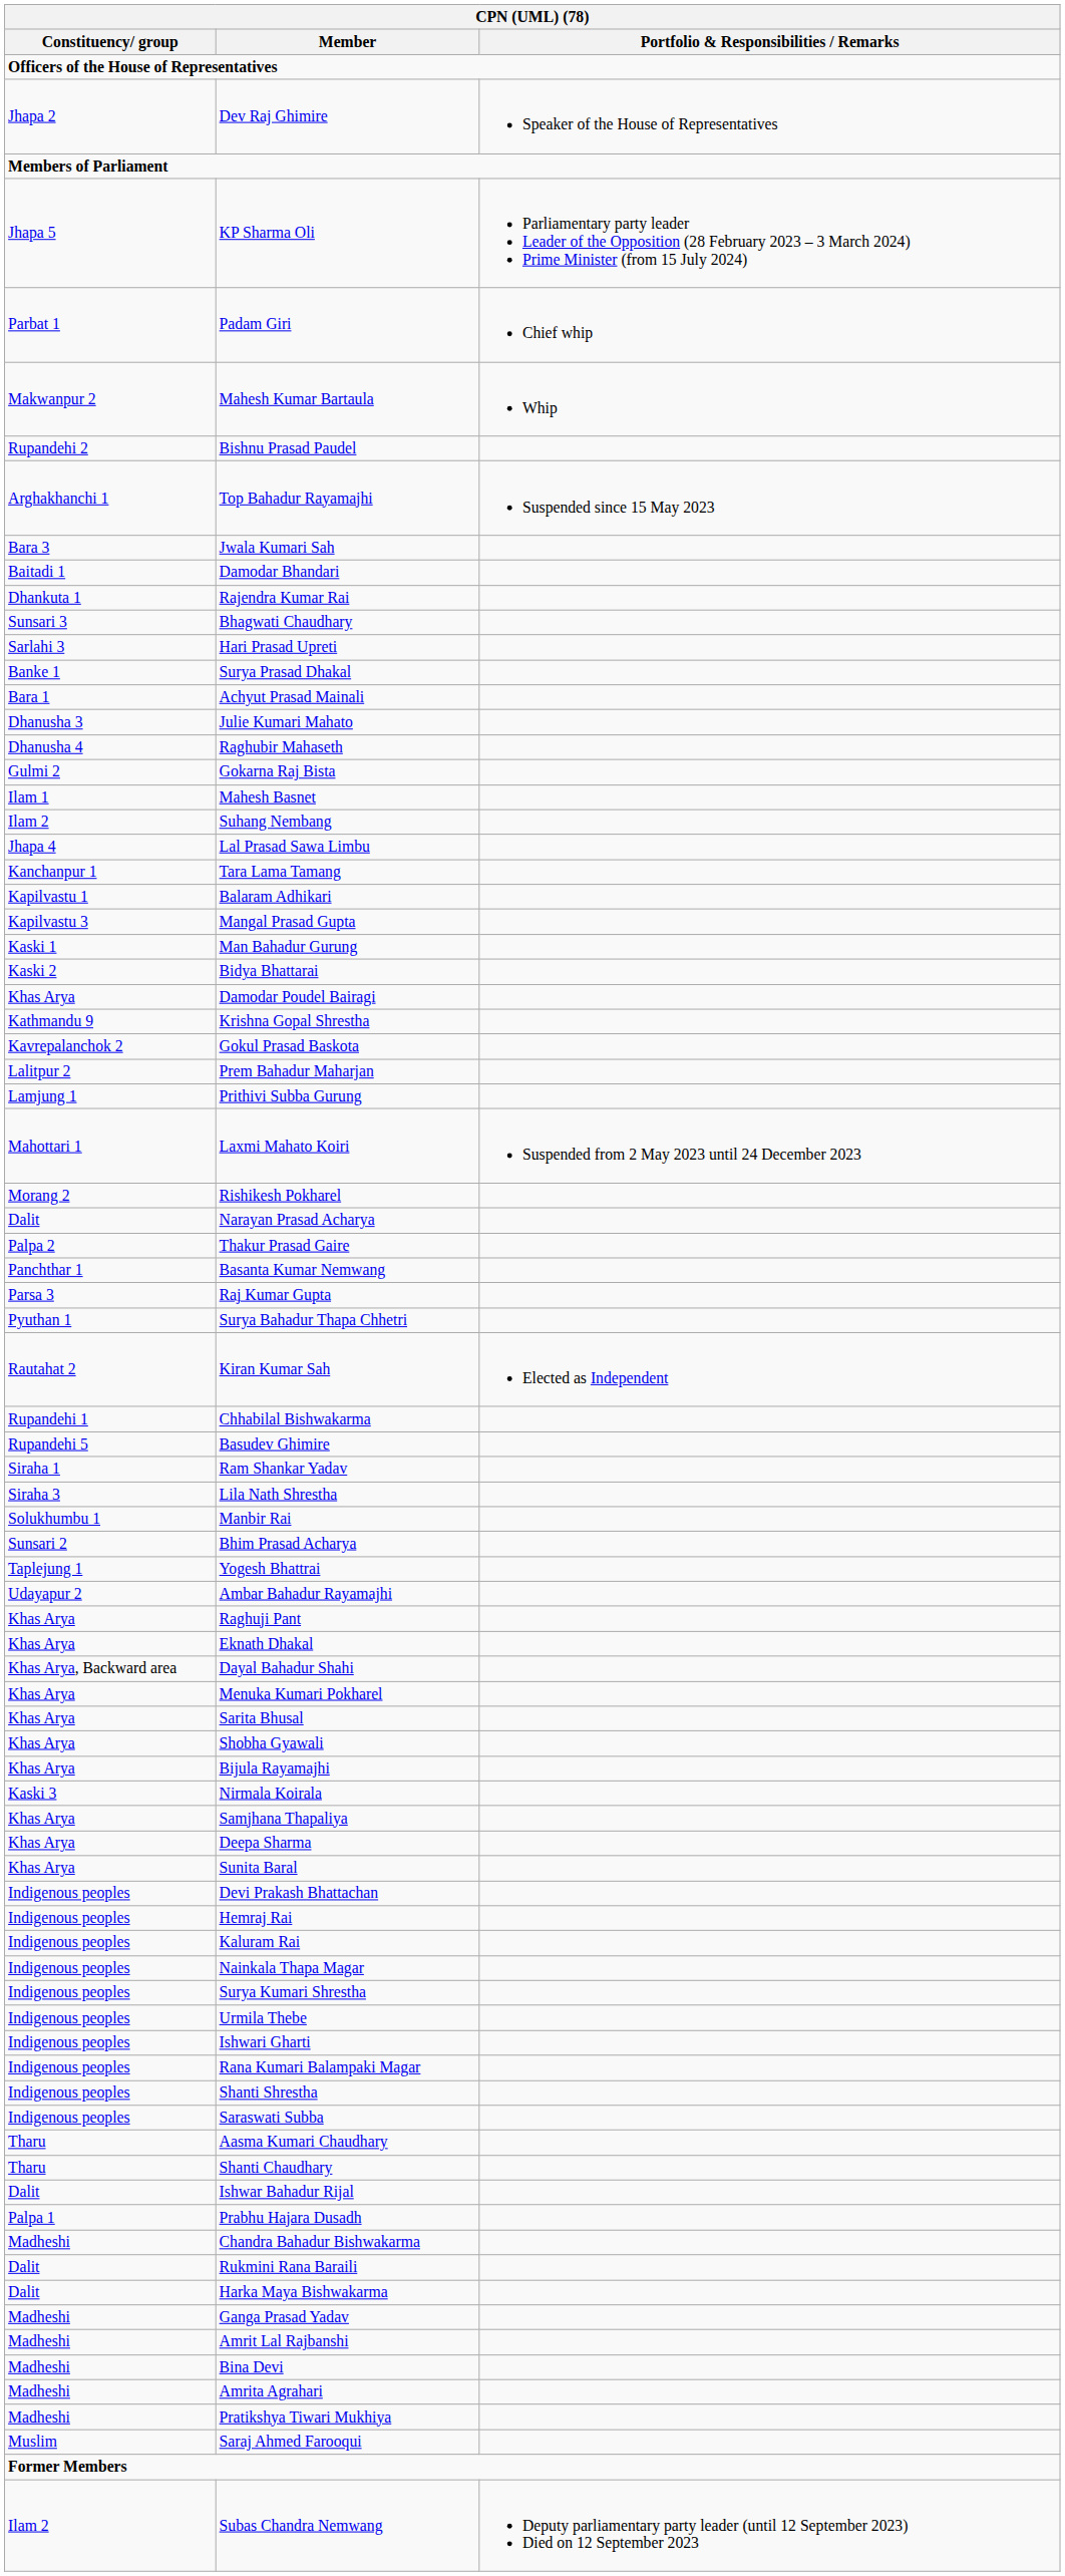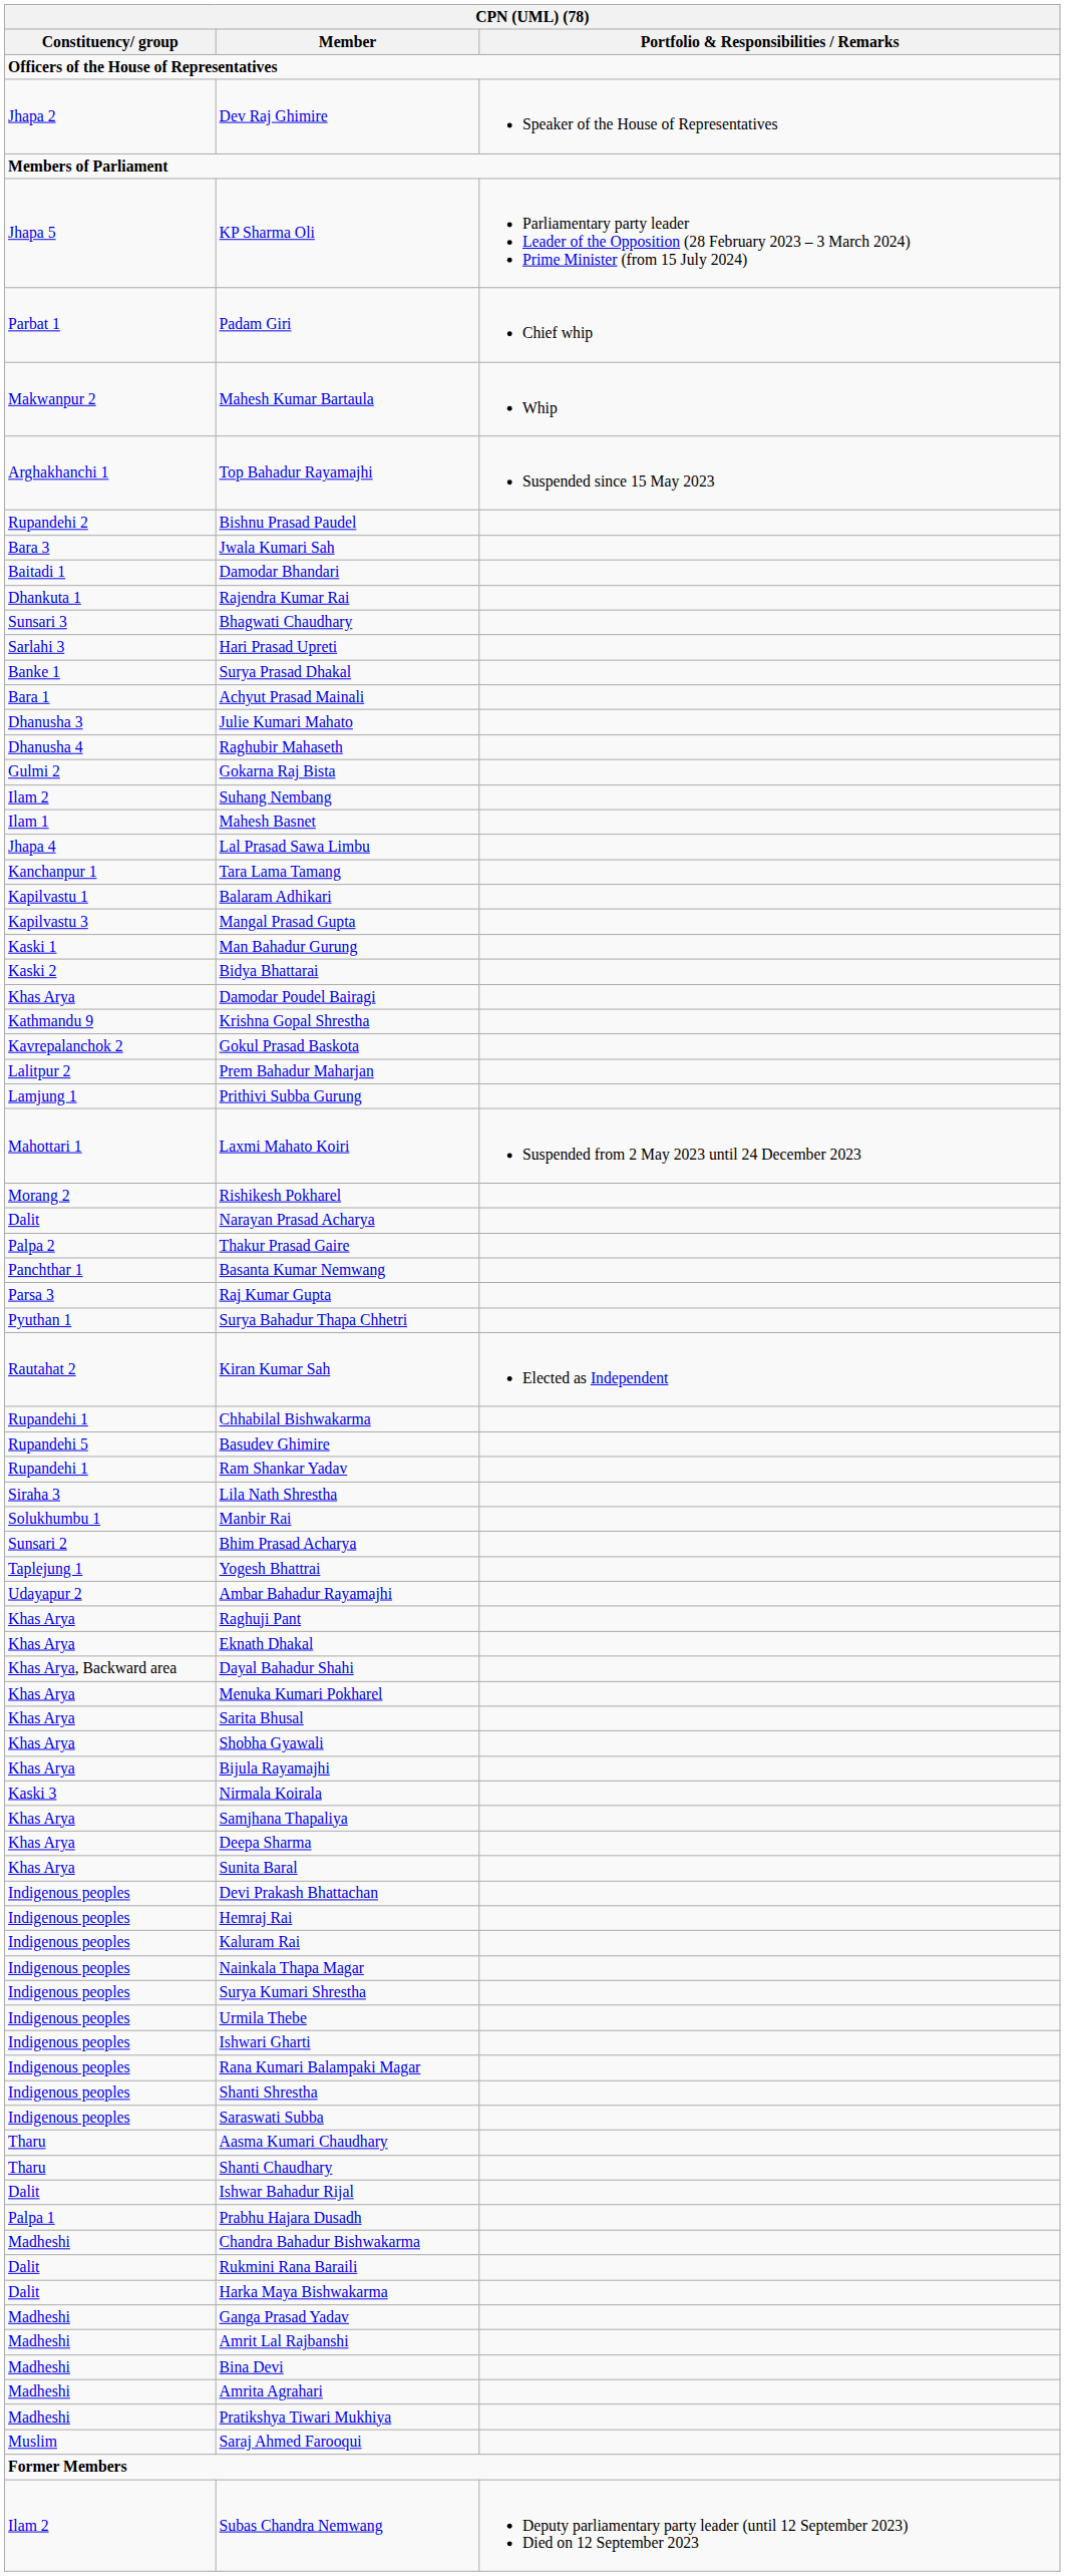 <table class="wikitable sortable mw-collapsible mw-collapsed">
 <tr>
 <th colspan="3" style="width: 800pt; background:">CPN (UML) (78)</th>
 </tr>
 <tr>
 <th style="width:20%;">Constituency/ group</th>
 <th style="width:25%;">Member</th>
 <th>Portfolio & Responsibilities / Remarks</th>
 </tr>
 <tr>
 <td colspan="3"><strong>Officers of the House of Representatives</strong></td>
 </tr>
 <tr>
 <td><a href='#'>Jhapa 2</a></td>
 <td><a href='#'>Dev Raj Ghimire</a></td>
 <td><br><ul><li>Speaker of the House of Representatives</li></ul></td>
 </tr>
 <tr>
 <td colspan="3"><strong>Members of Parliament</strong></td>
 </tr>
 <tr>
 <td><a href='#'>Jhapa 5</a></td>
 <td><a href='#'>KP Sharma Oli</a></td>
 <td><br><ul><li>Parliamentary party leader</li><li><a href='#'>Leader of the Opposition</a> (28 February 2023 – 3 March 2024)</li><li><a href='#'>Prime Minister</a> (from 15 July 2024)</li></ul></td>
 </tr>
 <tr>
 <td><a href='#'>Parbat 1</a></td>
 <td><a href='#'>Padam Giri</a></td>
 <td><br><ul><li>Chief whip</li></ul></td>
 </tr>
 <tr>
 <td><a href='#'>Makwanpur 2</a></td>
 <td><a href='#'>Mahesh Kumar Bartaula</a></td>
 <td><br><ul><li>Whip</li></ul></td>
 </tr>
 <tr>
+<td><a href='#'>Arghakhanchi 1</a></td>
+<td><a href='#'>Top Bahadur Rayamajhi</a></td>
+<td><br><ul><li>Suspended since 15 May 2023</li></ul></td>
+</tr>
+<tr>
 <td><a href='#'>Rupandehi 2</a></td>
 <td><a href='#'>Bishnu Prasad Paudel</a></td>
 <td></td>
-</tr>
-<tr>
-<td><a href='#'>Arghakhanchi 1</a></td>
-<td><a href='#'>Top Bahadur Rayamajhi</a></td>
-<td><br><ul><li>Suspended since 15 May 2023</li></ul></td>
 </tr>
 <tr>
 <td><a href='#'>Bara 3</a></td>
 <td><a href='#'>Jwala Kumari Sah</a></td>
 <td></td>
 </tr>
 <tr>
 <td><a href='#'>Baitadi 1</a></td>
 <td><a href='#'>Damodar Bhandari</a></td>
 <td></td>
 </tr>
 <tr>
 <td><a href='#'>Dhankuta 1</a></td>
 <td><a href='#'>Rajendra Kumar Rai</a></td>
 <td></td>
 </tr>
 <tr>
 <td><a href='#'>Sunsari 3</a></td>
 <td><a href='#'>Bhagwati Chaudhary</a></td>
 <td></td>
 </tr>
 <tr>
 <td><a href='#'>Sarlahi 3</a></td>
 <td><a href='#'>Hari Prasad Upreti</a></td>
 <td></td>
 </tr>
 <tr>
 <td><a href='#'>Banke 1</a></td>
 <td><a href='#'>Surya Prasad Dhakal</a></td>
 <td></td>
 </tr>
 <tr>
 <td><a href='#'>Bara 1</a></td>
 <td><a href='#'>Achyut Prasad Mainali</a></td>
 <td></td>
 </tr>
 <tr>
 <td><a href='#'>Dhanusha 3</a></td>
 <td><a href='#'>Julie Kumari Mahato</a></td>
 <td></td>
 </tr>
 <tr>
 <td><a href='#'>Dhanusha 4</a></td>
 <td><a href='#'>Raghubir Mahaseth</a></td>
 <td></td>
 </tr>
 <tr>
 <td><a href='#'>Gulmi 2</a></td>
 <td><a href='#'>Gokarna Raj Bista</a></td>
 <td></td>
 </tr>
 <tr>
-<td><a href='#'>Ilam 1</a></td>
-<td><a href='#'>Mahesh Basnet</a></td>
+<td><a href='#'>Ilam 2</a></td>
+<td><a href='#'>Suhang Nembang</a></td>
 <td></td>
 </tr>
 <tr>
-<td><a href='#'>Ilam 2</a></td>
-<td><a href='#'>Suhang Nembang</a></td>
+<td><a href='#'>Ilam 1</a></td>
+<td><a href='#'>Mahesh Basnet</a></td>
 <td></td>
 </tr>
 <tr>
 <td><a href='#'>Jhapa 4</a></td>
 <td><a href='#'>Lal Prasad Sawa Limbu</a></td>
 <td></td>
 </tr>
 <tr>
 <td><a href='#'>Kanchanpur 1</a></td>
 <td><a href='#'>Tara Lama Tamang</a></td>
 <td></td>
 </tr>
 <tr>
 <td><a href='#'>Kapilvastu 1</a></td>
 <td><a href='#'>Balaram Adhikari</a></td>
 <td></td>
 </tr>
 <tr>
 <td><a href='#'>Kapilvastu 3</a></td>
 <td><a href='#'>Mangal Prasad Gupta</a></td>
 <td></td>
 </tr>
 <tr>
 <td><a href='#'>Kaski 1</a></td>
 <td><a href='#'>Man Bahadur Gurung</a></td>
 <td></td>
 </tr>
 <tr>
 <td><a href='#'>Kaski 2</a></td>
 <td><a href='#'>Bidya Bhattarai</a></td>
 <td></td>
 </tr>
 <tr>
 <td><a href='#'>Khas Arya</a></td>
 <td><a href='#'>Damodar Poudel Bairagi</a></td>
 <td></td>
 </tr>
 <tr>
 <td><a href='#'>Kathmandu 9</a></td>
 <td><a href='#'>Krishna Gopal Shrestha</a></td>
 <td></td>
 </tr>
 <tr>
 <td><a href='#'>Kavrepalanchok 2</a></td>
 <td><a href='#'>Gokul Prasad Baskota</a></td>
 <td></td>
 </tr>
 <tr>
 <td><a href='#'>Lalitpur 2</a></td>
 <td><a href='#'>Prem Bahadur Maharjan</a></td>
 <td></td>
 </tr>
 <tr>
 <td><a href='#'>Lamjung 1</a></td>
 <td><a href='#'>Prithivi Subba Gurung</a></td>
 <td></td>
 </tr>
 <tr>
 <td><a href='#'>Mahottari 1</a></td>
 <td><a href='#'>Laxmi Mahato Koiri</a></td>
 <td><br><ul><li>Suspended from 2 May 2023 until 24 December 2023</li></ul></td>
 </tr>
 <tr>
 <td><a href='#'>Morang 2</a></td>
 <td><a href='#'>Rishikesh Pokharel</a></td>
 <td></td>
 </tr>
 <tr>
 <td><a href='#'>Dalit</a></td>
 <td><a href='#'>Narayan Prasad Acharya</a></td>
 <td></td>
 </tr>
 <tr>
 <td><a href='#'>Palpa 2</a></td>
 <td><a href='#'>Thakur Prasad Gaire</a></td>
 <td></td>
 </tr>
 <tr>
 <td><a href='#'>Panchthar 1</a></td>
 <td><a href='#'>Basanta Kumar Nemwang</a></td>
 <td></td>
 </tr>
 <tr>
 <td><a href='#'>Parsa 3</a></td>
 <td><a href='#'>Raj Kumar Gupta</a></td>
 <td></td>
 </tr>
 <tr>
 <td><a href='#'>Pyuthan 1</a></td>
 <td><a href='#'>Surya Bahadur Thapa Chhetri</a></td>
 <td></td>
 </tr>
 <tr>
 <td><a href='#'>Rautahat 2</a></td>
 <td><a href='#'>Kiran Kumar Sah</a></td>
 <td><br><ul><li>Elected as <a href='#'>Independent</a></li></ul></td>
 </tr>
 <tr>
 <td><a href='#'>Rupandehi 1</a></td>
 <td><a href='#'>Chhabilal Bishwakarma</a></td>
 <td></td>
 </tr>
 <tr>
 <td><a href='#'>Rupandehi 5</a></td>
 <td><a href='#'>Basudev Ghimire</a></td>
 <td></td>
 </tr>
 <tr>
-<td><a href='#'>Siraha 1</a></td>
+<td><a href='#'>Rupandehi 1</a></td>
 <td><a href='#'>Ram Shankar Yadav</a></td>
 <td></td>
 </tr>
 <tr>
 <td><a href='#'>Siraha 3</a></td>
 <td><a href='#'>Lila Nath Shrestha</a></td>
 <td></td>
 </tr>
 <tr>
 <td><a href='#'>Solukhumbu 1</a></td>
 <td><a href='#'>Manbir Rai</a></td>
 <td></td>
 </tr>
 <tr>
 <td><a href='#'>Sunsari 2</a></td>
 <td><a href='#'>Bhim Prasad Acharya</a></td>
 <td></td>
 </tr>
 <tr>
 <td><a href='#'>Taplejung 1</a></td>
 <td><a href='#'>Yogesh Bhattrai</a></td>
 <td></td>
 </tr>
 <tr>
 <td><a href='#'>Udayapur 2</a></td>
 <td><a href='#'>Ambar Bahadur Rayamajhi</a></td>
 <td></td>
 </tr>
 <tr>
 <td><a href='#'>Khas Arya</a></td>
 <td><a href='#'>Raghuji Pant</a></td>
 <td></td>
 </tr>
 <tr>
 <td><a href='#'>Khas Arya</a></td>
 <td><a href='#'>Eknath Dhakal</a></td>
 <td></td>
 </tr>
 <tr>
 <td><a href='#'>Khas Arya</a>, Backward area</td>
 <td><a href='#'>Dayal Bahadur Shahi</a></td>
 <td></td>
 </tr>
 <tr>
 <td><a href='#'>Khas Arya</a></td>
 <td><a href='#'>Menuka Kumari Pokharel</a></td>
 <td></td>
 </tr>
 <tr>
 <td><a href='#'>Khas Arya</a></td>
 <td><a href='#'>Sarita Bhusal</a></td>
 <td></td>
 </tr>
 <tr>
 <td><a href='#'>Khas Arya</a></td>
 <td><a href='#'>Shobha Gyawali</a></td>
 <td></td>
 </tr>
 <tr>
 <td><a href='#'>Khas Arya</a></td>
 <td><a href='#'>Bijula Rayamajhi</a></td>
 <td></td>
 </tr>
 <tr>
 <td><a href='#'>Kaski 3</a></td>
 <td><a href='#'>Nirmala Koirala</a></td>
 <td></td>
 </tr>
 <tr>
 <td><a href='#'>Khas Arya</a></td>
 <td><a href='#'>Samjhana Thapaliya</a></td>
 <td></td>
 </tr>
 <tr>
 <td><a href='#'>Khas Arya</a></td>
 <td><a href='#'>Deepa Sharma</a></td>
 <td></td>
 </tr>
 <tr>
 <td><a href='#'>Khas Arya</a></td>
 <td><a href='#'>Sunita Baral</a></td>
 <td></td>
 </tr>
 <tr>
 <td><a href='#'>Indigenous peoples</a></td>
 <td><a href='#'>Devi Prakash Bhattachan</a></td>
 <td></td>
 </tr>
 <tr>
 <td><a href='#'>Indigenous peoples</a></td>
 <td><a href='#'>Hemraj Rai</a></td>
 <td></td>
 </tr>
 <tr>
 <td><a href='#'>Indigenous peoples</a></td>
 <td><a href='#'>Kaluram Rai</a></td>
 <td></td>
 </tr>
 <tr>
 <td><a href='#'>Indigenous peoples</a></td>
 <td><a href='#'>Nainkala Thapa Magar</a></td>
 <td></td>
 </tr>
 <tr>
 <td><a href='#'>Indigenous peoples</a></td>
 <td><a href='#'>Surya Kumari Shrestha</a></td>
 <td></td>
 </tr>
 <tr>
 <td><a href='#'>Indigenous peoples</a></td>
 <td><a href='#'>Urmila Thebe</a></td>
 <td></td>
 </tr>
 <tr>
 <td><a href='#'>Indigenous peoples</a></td>
 <td><a href='#'>Ishwari Gharti</a></td>
 <td></td>
 </tr>
 <tr>
 <td><a href='#'>Indigenous peoples</a></td>
 <td><a href='#'>Rana Kumari Balampaki Magar</a></td>
 <td></td>
 </tr>
 <tr>
 <td><a href='#'>Indigenous peoples</a></td>
 <td><a href='#'>Shanti Shrestha</a></td>
 <td></td>
 </tr>
 <tr>
 <td><a href='#'>Indigenous peoples</a></td>
 <td><a href='#'>Saraswati Subba</a></td>
 <td></td>
 </tr>
 <tr>
 <td><a href='#'>Tharu</a></td>
 <td><a href='#'>Aasma Kumari Chaudhary</a></td>
 <td></td>
 </tr>
 <tr>
 <td><a href='#'>Tharu</a></td>
 <td><a href='#'>Shanti Chaudhary</a></td>
 <td></td>
 </tr>
 <tr>
 <td><a href='#'>Dalit</a></td>
 <td><a href='#'>Ishwar Bahadur Rijal</a></td>
 <td></td>
 </tr>
 <tr>
 <td><a href='#'>Palpa 1</a></td>
 <td><a href='#'>Prabhu Hajara Dusadh</a></td>
 <td></td>
 </tr>
 <tr>
 <td><a href='#'>Madheshi</a></td>
 <td><a href='#'>Chandra Bahadur Bishwakarma</a></td>
 <td></td>
 </tr>
 <tr>
 <td><a href='#'>Dalit</a></td>
 <td><a href='#'>Rukmini Rana Baraili</a></td>
 <td></td>
 </tr>
 <tr>
 <td><a href='#'>Dalit</a></td>
 <td><a href='#'>Harka Maya Bishwakarma</a></td>
 <td></td>
 </tr>
 <tr>
 <td><a href='#'>Madheshi</a></td>
 <td><a href='#'>Ganga Prasad Yadav</a></td>
 <td></td>
 </tr>
 <tr>
 <td><a href='#'>Madheshi</a></td>
 <td><a href='#'>Amrit Lal Rajbanshi</a></td>
 <td></td>
 </tr>
 <tr>
 <td><a href='#'>Madheshi</a></td>
 <td><a href='#'>Bina Devi</a></td>
 <td></td>
 </tr>
 <tr>
 <td><a href='#'>Madheshi</a></td>
 <td><a href='#'>Amrita Agrahari</a></td>
 <td></td>
 </tr>
 <tr>
 <td><a href='#'>Madheshi</a></td>
 <td><a href='#'>Pratikshya Tiwari Mukhiya</a></td>
 <td></td>
 </tr>
 <tr>
 <td><a href='#'>Muslim</a></td>
 <td><a href='#'>Saraj Ahmed Farooqui</a></td>
 <td></td>
 </tr>
 <tr>
 <td colspan="3"><strong>Former Members</strong></td>
 </tr>
 <tr>
 <td><a href='#'>Ilam 2</a></td>
 <td><a href='#'>Subas Chandra Nemwang</a></td>
 <td><br><ul><li>Deputy parliamentary party leader (until 12 September 2023)</li><li>Died on 12 September 2023</li></ul></td>
 </tr>
 </table>
